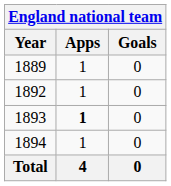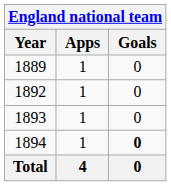 <table class="wikitable" style="text-align:center">
 <tr>
 <th colspan=3><a href='#'>England national team</a></th>
 </tr>
 <tr>
 <th>Year</th>
 <th>Apps</th>
 <th>Goals</th>
 </tr>
 <tr>
 <td>1889</td>
 <td>1</td>
 <td>0</td>
 </tr>
 <tr>
 <td>1892</td>
 <td>1</td>
 <td>0</td>
 </tr>
 <tr>
 <td>1893</td>
-<td><strong>1</strong></td>
+<td>1</td>
 <td>0</td>
 </tr>
 <tr>
 <td>1894</td>
 <td>1</td>
-<td>0</td>
+<td><strong>0</strong></td>
 </tr>
 <tr>
 <th>Total</th>
 <th>4</th>
 <th>0</th>
 </tr>
 </table>
